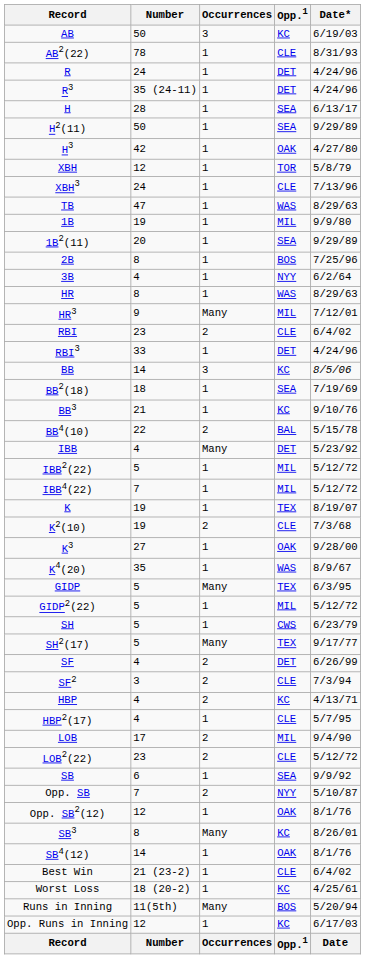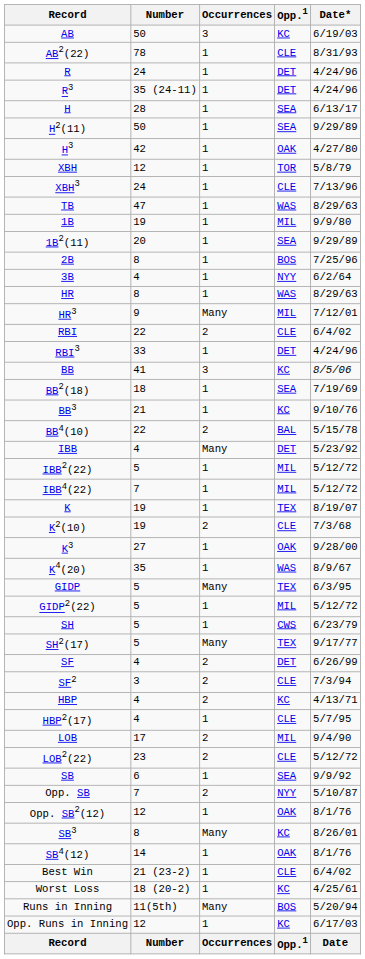 <table class="wikitable" style="font-size: 95%; text-align:left;">
 <tr>
 <th>Record</th>
 <th>Number</th>
 <th>Occurrences</th>
 <th>Opp.<sup>1</sup></th>
 <th>Date*</th>
 </tr>
 <tr>
 <td align="center"><a href='#'>AB</a></td>
 <td>50</td>
 <td>3</td>
 <td><a href='#'>KC</a></td>
 <td>6/19/03</td>
 </tr>
 <tr>
 <td align="center"><a href='#'>AB</a><sup>2</sup>(22)</td>
 <td>78</td>
 <td>1</td>
 <td><a href='#'>CLE</a></td>
 <td>8/31/93</td>
 </tr>
 <tr>
 <td align="center"><a href='#'>R</a></td>
 <td>24</td>
 <td>1</td>
 <td><a href='#'>DET</a></td>
 <td>4/24/96</td>
 </tr>
 <tr>
 <td align="center"><a href='#'>R</a><sup>3</sup></td>
 <td>35 (24-11)</td>
 <td>1</td>
 <td><a href='#'>DET</a></td>
 <td>4/24/96</td>
 </tr>
 <tr>
 <td align="center"><a href='#'>H</a></td>
 <td>28</td>
 <td>1</td>
 <td><a href='#'>SEA</a></td>
 <td>6/13/17</td>
 </tr>
 <tr>
 <td align="center"><a href='#'>H</a><sup>2</sup>(11)</td>
 <td>50</td>
 <td>1</td>
 <td><a href='#'>SEA</a></td>
 <td>9/29/89</td>
 </tr>
 <tr>
 <td align="center"><a href='#'>H</a><sup>3</sup></td>
 <td>42</td>
 <td>1</td>
 <td><a href='#'>OAK</a></td>
 <td>4/27/80</td>
 </tr>
 <tr>
 <td align="center"><a href='#'>XBH</a></td>
 <td>12</td>
 <td>1</td>
 <td><a href='#'>TOR</a></td>
 <td>5/8/79</td>
 </tr>
 <tr>
 <td align="center"><a href='#'>XBH</a><sup>3</sup></td>
 <td>24</td>
 <td>1</td>
 <td><a href='#'>CLE</a></td>
 <td>7/13/96</td>
 </tr>
 <tr>
 <td align="center"><a href='#'>TB</a></td>
 <td>47</td>
 <td>1</td>
 <td><a href='#'>WAS</a></td>
 <td>8/29/63</td>
 </tr>
 <tr>
 <td align="center"><a href='#'>1B</a></td>
 <td>19</td>
 <td>1</td>
 <td><a href='#'>MIL</a></td>
 <td>9/9/80</td>
 </tr>
 <tr>
 <td align="center"><a href='#'>1B</a><sup>2</sup>(11)</td>
 <td>20</td>
 <td>1</td>
 <td><a href='#'>SEA</a></td>
 <td>9/29/89</td>
 </tr>
 <tr>
 <td align="center"><a href='#'>2B</a></td>
 <td>8</td>
 <td>1</td>
 <td><a href='#'>BOS</a></td>
 <td>7/25/96</td>
 </tr>
 <tr>
 <td align="center"><a href='#'>3B</a></td>
 <td>4</td>
 <td>1</td>
 <td><a href='#'>NYY</a></td>
 <td>6/2/64</td>
 </tr>
 <tr>
 <td align="center"><a href='#'>HR</a></td>
 <td>8</td>
 <td>1</td>
 <td><a href='#'>WAS</a></td>
 <td>8/29/63</td>
 </tr>
 <tr>
 <td align="center"><a href='#'>HR</a><sup>3</sup></td>
 <td>9</td>
 <td>Many</td>
 <td><a href='#'>MIL</a></td>
 <td>7/12/01</td>
 </tr>
 <tr>
 <td align="center"><a href='#'>RBI</a></td>
-<td>23</td>
+<td>22</td>
 <td>2</td>
 <td><a href='#'>CLE</a></td>
 <td>6/4/02</td>
 </tr>
 <tr>
 <td align="center"><a href='#'>RBI</a><sup>3</sup></td>
 <td>33</td>
 <td>1</td>
 <td><a href='#'>DET</a></td>
 <td>4/24/96</td>
 </tr>
 <tr>
 <td align="center"><a href='#'>BB</a></td>
-<td>14</td>
+<td>41</td>
 <td>3</td>
 <td><a href='#'>KC</a></td>
 <td><em>8/5/06</em></td>
 </tr>
 <tr>
 <td align="center"><a href='#'>BB</a><sup>2</sup>(18)</td>
 <td>18</td>
 <td>1</td>
 <td><a href='#'>SEA</a></td>
 <td>7/19/69</td>
 </tr>
 <tr>
 <td align="center"><a href='#'>BB</a><sup>3</sup></td>
 <td>21</td>
 <td>1</td>
 <td><a href='#'>KC</a></td>
 <td>9/10/76</td>
 </tr>
 <tr>
 <td align="center"><a href='#'>BB</a><sup>4</sup>(10)</td>
 <td>22</td>
 <td>2</td>
 <td><a href='#'>BAL</a></td>
 <td>5/15/78</td>
 </tr>
 <tr>
 <td align="center"><a href='#'>IBB</a></td>
 <td>4</td>
 <td>Many</td>
 <td><a href='#'>DET</a></td>
 <td>5/23/92</td>
 </tr>
 <tr>
 <td align="center"><a href='#'>IBB</a><sup>2</sup>(22)</td>
 <td>5</td>
 <td>1</td>
 <td><a href='#'>MIL</a></td>
 <td>5/12/72</td>
 </tr>
 <tr>
 <td align="center"><a href='#'>IBB</a><sup>4</sup>(22)</td>
 <td>7</td>
 <td>1</td>
 <td><a href='#'>MIL</a></td>
 <td>5/12/72</td>
 </tr>
 <tr>
 <td align="center"><a href='#'>K</a></td>
 <td>19</td>
 <td>1</td>
 <td><a href='#'>TEX</a></td>
 <td>8/19/07</td>
 </tr>
 <tr>
 <td align="center"><a href='#'>K</a><sup>2</sup>(10)</td>
 <td>19</td>
 <td>2</td>
 <td><a href='#'>CLE</a></td>
 <td>7/3/68</td>
 </tr>
 <tr>
 <td align="center"><a href='#'>K</a><sup>3</sup></td>
 <td>27</td>
 <td>1</td>
 <td><a href='#'>OAK</a></td>
 <td>9/28/00</td>
 </tr>
 <tr>
 <td align="center"><a href='#'>K</a><sup>4</sup>(20)</td>
 <td>35</td>
 <td>1</td>
 <td><a href='#'>WAS</a></td>
 <td>8/9/67</td>
 </tr>
 <tr>
 <td align="center"><a href='#'>GIDP</a></td>
 <td>5</td>
 <td>Many</td>
 <td><a href='#'>TEX</a></td>
 <td>6/3/95</td>
 </tr>
 <tr>
 <td align="center"><a href='#'>GIDP</a><sup>2</sup>(22)</td>
 <td>5</td>
 <td>1</td>
 <td><a href='#'>MIL</a></td>
 <td>5/12/72</td>
 </tr>
 <tr>
 <td align="center"><a href='#'>SH</a></td>
 <td>5</td>
 <td>1</td>
 <td><a href='#'>CWS</a></td>
 <td>6/23/79</td>
 </tr>
 <tr>
 <td align="center"><a href='#'>SH</a><sup>2</sup>(17)</td>
 <td>5</td>
 <td>Many</td>
 <td><a href='#'>TEX</a></td>
 <td>9/17/77</td>
 </tr>
 <tr>
 <td align="center"><a href='#'>SF</a></td>
 <td>4</td>
 <td>2</td>
 <td><a href='#'>DET</a></td>
 <td>6/26/99</td>
 </tr>
 <tr>
 <td align="center"><a href='#'>SF</a><sup>2</sup></td>
 <td>3</td>
 <td>2</td>
 <td><a href='#'>CLE</a></td>
 <td>7/3/94</td>
 </tr>
 <tr>
 <td align="center"><a href='#'>HBP</a></td>
 <td>4</td>
 <td>2</td>
 <td><a href='#'>KC</a></td>
 <td>4/13/71</td>
 </tr>
 <tr>
 <td align="center"><a href='#'>HBP</a><sup>2</sup>(17)</td>
 <td>4</td>
 <td>1</td>
 <td><a href='#'>CLE</a></td>
 <td>5/7/95</td>
 </tr>
 <tr>
 <td align="center"><a href='#'>LOB</a></td>
 <td>17</td>
 <td>2</td>
 <td><a href='#'>MIL</a></td>
 <td>9/4/90</td>
 </tr>
 <tr>
 <td align="center"><a href='#'>LOB</a><sup>2</sup>(22)</td>
 <td>23</td>
 <td>2</td>
 <td><a href='#'>CLE</a></td>
 <td>5/12/72</td>
 </tr>
 <tr>
 <td align="center"><a href='#'>SB</a></td>
 <td>6</td>
 <td>1</td>
 <td><a href='#'>SEA</a></td>
 <td>9/9/92</td>
 </tr>
 <tr>
 <td align="center">Opp. <a href='#'>SB</a></td>
 <td>7</td>
 <td>2</td>
 <td><a href='#'>NYY</a></td>
 <td>5/10/87</td>
 </tr>
 <tr>
 <td align="center">Opp. <a href='#'>SB</a><sup>2</sup>(12)</td>
 <td>12</td>
 <td>1</td>
 <td><a href='#'>OAK</a></td>
 <td>8/1/76</td>
 </tr>
 <tr>
 <td align="center"><a href='#'>SB</a><sup>3</sup></td>
 <td>8</td>
 <td>Many</td>
 <td><a href='#'>KC</a></td>
 <td>8/26/01</td>
 </tr>
 <tr>
 <td align="center"><a href='#'>SB</a><sup>4</sup>(12)</td>
 <td>14</td>
 <td>1</td>
 <td><a href='#'>OAK</a></td>
 <td>8/1/76</td>
 </tr>
 <tr>
 <td align="center">Best Win</td>
 <td>21 (23-2)</td>
 <td>1</td>
 <td><a href='#'>CLE</a></td>
 <td>6/4/02</td>
 </tr>
 <tr>
 <td align="center">Worst Loss</td>
 <td>18 (20-2)</td>
 <td>1</td>
 <td><a href='#'>KC</a></td>
 <td>4/25/61</td>
 </tr>
 <tr>
 <td align="center">Runs in Inning</td>
 <td>11(5th)</td>
 <td>Many</td>
 <td><a href='#'>BOS</a></td>
 <td>5/20/94</td>
 </tr>
 <tr>
 <td align="center">Opp. Runs in Inning</td>
 <td>12</td>
 <td>1</td>
 <td><a href='#'>KC</a></td>
 <td>6/17/03</td>
 </tr>
 <tr>
 <th>Record</th>
 <th>Number</th>
 <th>Occurrences</th>
 <th>Opp.<sup>1</sup></th>
 <th>Date</th>
 </tr>
 </table>
